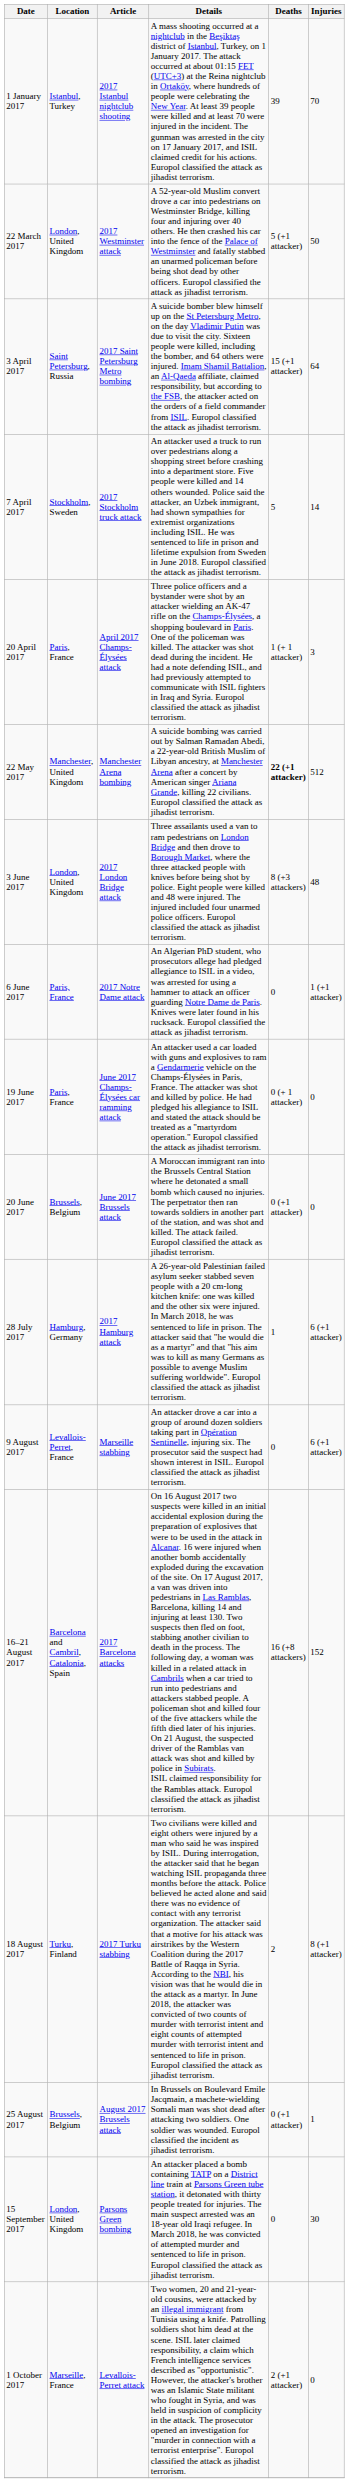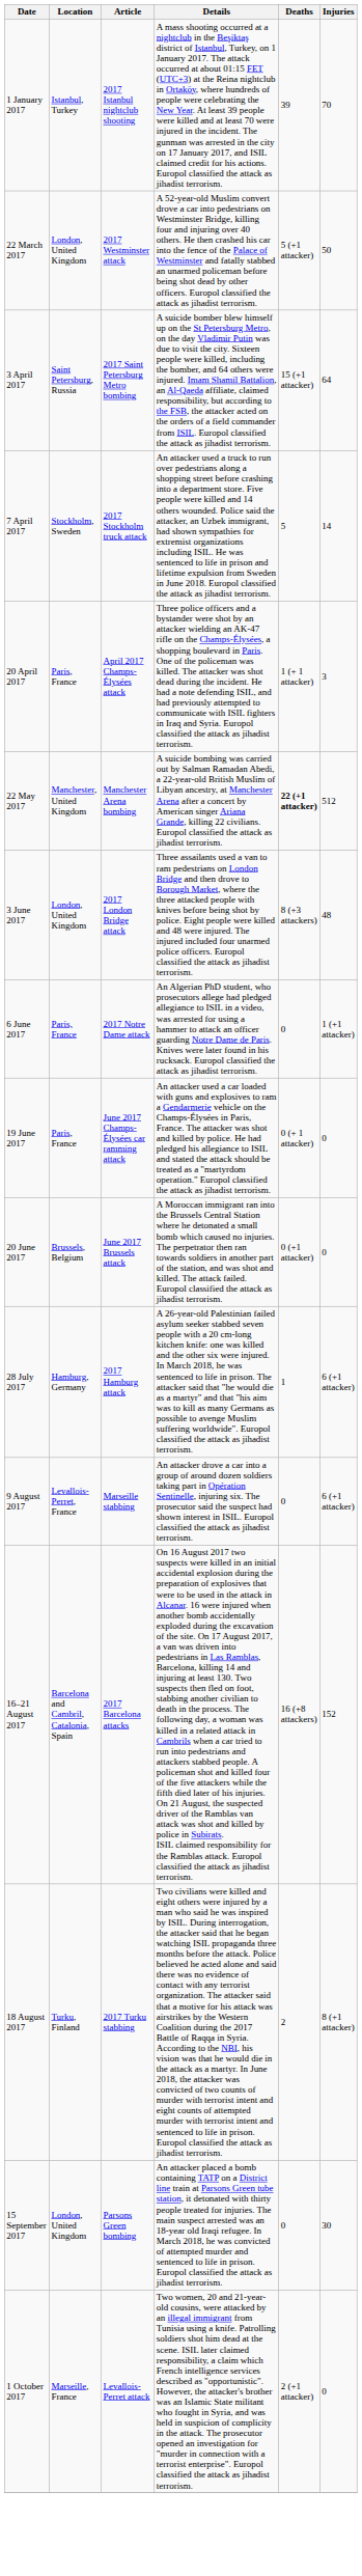 <table class="wikitable ">
 <tr>
 <th>Date</th>
 <th>Location</th>
 <th>Article</th>
 <th>Details</th>
 <th>Deaths</th>
 <th>Injuries</th>
 </tr>
 <tr>
 <td>1 January 2017</td>
 <td> <a href='#'>Istanbul</a>, Turkey</td>
 <td><a href='#'>2017 Istanbul nightclub shooting</a></td>
 <td>A mass shooting occurred at a <a href='#'>nightclub</a> in the <a href='#'>Beşiktaş</a> district of <a href='#'>Istanbul</a>, Turkey, on 1 January 2017. The attack occurred at about 01:15 <a href='#'>FET</a> (<a href='#'>UTC+3</a>) at the Reina nightclub in <a href='#'>Ortaköy</a>, where hundreds of people were celebrating the <a href='#'>New Year</a>. At least 39 people were killed and at least 70 were injured in the incident. The gunman was arrested in the city on 17 January 2017, and ISIL claimed credit for his actions. Europol classified the attack as jihadist terrorism.</td>
 <td>39</td>
 <td>70</td>
 </tr>
 <tr>
 <td>22 March 2017</td>
 <td> <a href='#'>London</a>, United Kingdom</td>
 <td><a href='#'>2017 Westminster attack</a></td>
 <td>A 52-year-old Muslim convert drove a car into pedestrians on Westminster Bridge, killing four and injuring over 40 others. He then crashed his car into the fence of the <a href='#'>Palace of Westminster</a> and fatally stabbed an unarmed policeman before being shot dead by other officers. Europol classified the attack as jihadist terrorism.</td>
 <td data-sort-value="6">5 (+1 attacker)</td>
 <td>50</td>
 </tr>
 <tr>
 <td>3 April 2017</td>
 <td> <a href='#'>Saint Petersburg</a>, Russia</td>
 <td><a href='#'>2017 Saint Petersburg Metro bombing</a></td>
 <td>A suicide bomber blew himself up on the <a href='#'>St Petersburg Metro</a>, on the day <a href='#'>Vladimir Putin</a> was due to visit the city. Sixteen people were killed, including the bomber, and 64 others were injured. <a href='#'>Imam Shamil Battalion</a>, an <a href='#'>Al-Qaeda</a> affiliate, claimed responsibility, but according to <a href='#'>the FSB</a>, the attacker acted on the orders of a field commander from <a href='#'>ISIL</a>. Europol classified the attack as jihadist terrorism.</td>
 <td data-sort-value="16">15 (+1 attacker)</td>
 <td>64</td>
 </tr>
 <tr>
 <td>7 April 2017</td>
 <td> <a href='#'>Stockholm</a>, Sweden</td>
 <td><a href='#'>2017 Stockholm truck attack</a></td>
 <td>An attacker used a truck to run over pedestrians along a shopping street before crashing into a department store. Five people were killed and 14 others wounded. Police said the attacker, an Uzbek immigrant, had shown sympathies for extremist organizations including ISIL. He was sentenced to life in prison and lifetime expulsion from Sweden in June 2018. Europol classified the attack as jihadist terrorism.</td>
 <td>5</td>
 <td>14</td>
 </tr>
 <tr>
 <td>20 April 2017</td>
 <td> <a href='#'>Paris</a>, France</td>
 <td><a href='#'>April 2017 Champs-Élysées attack</a></td>
 <td>Three police officers and a bystander were shot by an attacker wielding an AK-47 rifle on the <a href='#'>Champs-Élysées</a>, a shopping boulevard in <a href='#'>Paris</a>. One of the policeman was killed. The attacker was shot dead during the incident. He had a note defending ISIL, and had previously attempted to communicate with ISIL fighters in Iraq and Syria. Europol classified the attack as jihadist terrorism.</td>
 <td data-sort-value="2">1 (+ 1 attacker)</td>
 <td>3</td>
 </tr>
 <tr>
 <td>22 May 2017</td>
 <td> <a href='#'>Manchester</a>, United Kingdom</td>
 <td><a href='#'>Manchester Arena bombing</a></td>
 <td>A suicide bombing was carried out by Salman Ramadan Abedi, a 22-year-old British Muslim of Libyan ancestry, at <a href='#'>Manchester Arena</a> after a concert by American singer <a href='#'>Ariana Grande</a>, killing 22 civilians. Europol classified the attack as jihadist terrorism.</td>
 <td data-sort-value="23"><strong>22 (+1 attacker)</strong></td>
 <td>512</td>
 </tr>
 <tr>
 <td>3 June 2017</td>
 <td> <a href='#'>London</a>, United Kingdom</td>
 <td><a href='#'>2017 London Bridge attack</a></td>
 <td>Three assailants used a van to ram pedestrians on <a href='#'>London Bridge</a> and then drove to <a href='#'>Borough Market</a>, where the three attacked people with knives before being shot by police. Eight people were killed and 48 were injured. The injured included four unarmed police officers. Europol classified the attack as jihadist terrorism.</td>
 <td data-sort-value="11">8 (+3 attackers)</td>
 <td>48</td>
 </tr>
 <tr>
 <td>6 June 2017</td>
 <td> <a href='#'>Paris, France</a></td>
 <td><a href='#'>2017 Notre Dame attack</a></td>
 <td>An Algerian PhD student, who prosecutors allege had pledged allegiance to ISIL in a video, was arrested for using a hammer to attack an officer guarding <a href='#'>Notre Dame de Paris</a>. Knives were later found in his rucksack. Europol classified the attack as jihadist terrorism.</td>
 <td>0</td>
 <td data-sort-value="2">1 (+1 attacker)</td>
 </tr>
 <tr>
 <td>19 June 2017</td>
 <td> <a href='#'>Paris</a>, France</td>
 <td><a href='#'>June 2017 Champs-Élysées car ramming attack</a></td>
 <td>An attacker used a car loaded with guns and explosives to ram a <a href='#'>Gendarmerie</a> vehicle on the Champs-Élysées in Paris, France. The attacker was shot and killed by police. He had pledged his allegiance to ISIL and stated the attack should be treated as a "martyrdom operation." Europol classified the attack as jihadist terrorism.</td>
 <td data-sort-value="2">0 (+ 1 attacker)</td>
 <td>0</td>
 </tr>
 <tr>
 <td>20 June 2017</td>
 <td> <a href='#'>Brussels</a>, Belgium</td>
 <td><a href='#'>June 2017 Brussels attack</a></td>
 <td>A Moroccan immigrant ran into the Brussels Central Station where he detonated a small bomb which caused no injuries. The perpetrator then ran towards soldiers in another part of the station, and was shot and killed. The attack failed. Europol classified the attack as jihadist terrorism.</td>
 <td data-sort-value="1">0 (+1 attacker)</td>
 <td>0</td>
 </tr>
 <tr>
 <td>28 July 2017</td>
 <td> <a href='#'>Hamburg</a>, Germany</td>
 <td><a href='#'>2017 Hamburg attack</a></td>
 <td>A 26-year-old Palestinian failed asylum seeker stabbed seven people with a 20 cm-long kitchen knife: one was killed and the other six were injured. In March 2018, he was sentenced to life in prison. The attacker said that "he would die as a martyr" and that "his aim was to kill as many Germans as possible to avenge Muslim suffering worldwide". Europol classified the attack as jihadist terrorism.</td>
 <td data-sort-value="1">1</td>
 <td>6 (+1 attacker)</td>
 </tr>
 <tr>
 <td>9 August 2017</td>
 <td> <a href='#'>Levallois-Perret</a>, France</td>
 <td><a href='#'>Marseille stabbing</a></td>
 <td>An attacker drove a car into a group of around dozen soldiers taking part in <a href='#'>Opération Sentinelle</a>, injuring six. The prosecutor said the suspect had shown interest in ISIL. Europol classified the attack as jihadist terrorism.</td>
 <td data-sort-value="1">0</td>
 <td>6 (+1 attacker)</td>
 </tr>
 <tr>
 <td>16–21 August 2017</td>
 <td> <a href='#'>Barcelona</a> and <a href='#'>Cambril</a>, <a href='#'>Catalonia</a>, Spain</td>
 <td><a href='#'>2017 Barcelona attacks</a></td>
 <td>On 16 August 2017 two suspects were killed in an initial accidental explosion during the preparation of explosives that were to be used in the attack in <a href='#'>Alcanar</a>. 16 were injured when another bomb accidentally exploded during the excavation of the site. On 17 August 2017, a van was driven into pedestrians in <a href='#'>Las Ramblas</a>, Barcelona, killing 14 and injuring at least 130. Two suspects then fled on foot, stabbing another civilian to death in the process. The following day, a woman was killed in a related attack in <a href='#'>Cambrils</a> when a car tried to run into pedestrians and attackers stabbed people. A policeman shot and killed four of the five attackers while the fifth died later of his injuries. On 21 August, the suspected driver of the Ramblas van attack was shot and killed by police in <a href='#'>Subirats</a>.<br>ISIL claimed responsibility for the Ramblas attack. Europol classified the attack as jihadist terrorism.</td>
 <td data-sort-value="1">16 (+8 attackers)</td>
 <td>152</td>
 </tr>
 <tr>
 <td>18 August 2017</td>
 <td> <a href='#'>Turku</a>, Finland</td>
 <td><a href='#'>2017 Turku stabbing</a></td>
 <td>Two civilians were killed and eight others were injured by a man who said he was inspired by ISIL. During interrogation, the  attacker said that he began watching ISIL propaganda three months before the attack. Police believed he acted alone and said there was no evidence of contact with any terrorist organization. The attacker said that a motive for his attack was airstrikes by the Western Coalition during the 2017 Battle of Raqqa in Syria. According to the <a href='#'>NBI</a>, his vision was that he would die in the attack as a martyr. In June 2018, the attacker was convicted of two counts of murder with terrorist intent and eight counts of attempted murder with terrorist intent and sentenced to life in prison. Europol classified the attack as jihadist terrorism.</td>
 <td data-sort-value="1">2</td>
 <td>8 (+1 attacker)</td>
 </tr>
 <tr>
-<td>25 August 2017</td>
-<td> <a href='#'>Brussels</a>, Belgium</td>
-<td><a href='#'>August 2017 Brussels attack</a></td>
-<td>In Brussels on Boulevard Emile Jacqmain, a machete-wielding Somali man was shot dead after attacking two soldiers. One soldier was wounded. Europol classified the incident as jihadist terrorism.</td>
-<td>0 (+1 attacker)</td>
-<td>1</td>
-</tr>
-<tr>
 <td>15 September 2017</td>
 <td> <a href='#'>London</a>, United Kingdom</td>
 <td><a href='#'>Parsons Green bombing</a></td>
 <td>An attacker placed a bomb containing <a href='#'>TATP</a> on a <a href='#'>District line</a> train at <a href='#'>Parsons Green tube station</a>, it detonated with thirty people treated for injuries. The main suspect arrested was an 18-year old Iraqi refugee. In March 2018, he was convicted of attempted murder and sentenced to life in prison. Europol classified the attack as jihadist terrorism.</td>
 <td data-sort-value="11">0</td>
 <td>30</td>
 </tr>
 <tr>
 <td>1 October 2017</td>
 <td> <a href='#'>Marseille</a>, France</td>
 <td><a href='#'>Levallois-Perret attack</a></td>
 <td>Two women, 20 and 21-year-old cousins, were attacked by an <a href='#'>illegal immigrant</a> from Tunisia using a knife. Patrolling soldiers shot him dead at the scene. ISIL later claimed responsibility, a claim which French intelligence services described as "opportunistic". However, the attacker's brother was an Islamic State militant who fought in Syria, and was held in suspicion of complicity in the attack. The prosecutor opened an investigation for "murder in connection with a terrorist enterprise". Europol classified the attack as jihadist terrorism.</td>
 <td>2 (+1 attacker)</td>
 <td>0</td>
 </tr>
 <tr>
 </tr>
 </table>
